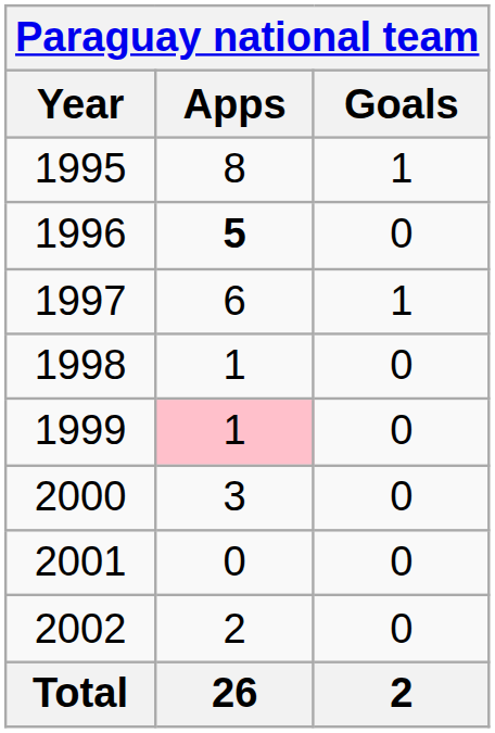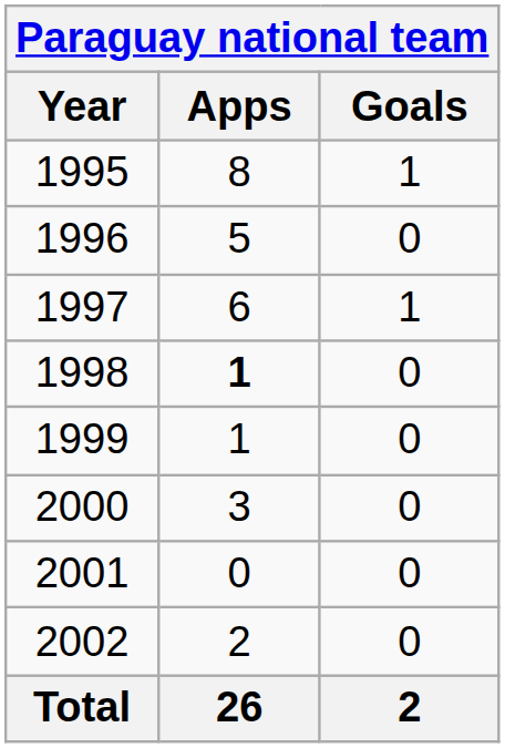 <table class="wikitable" style="text-align:center">
 <tr>
 <th colspan=3><a href='#'>Paraguay national team</a></th>
 </tr>
 <tr>
 <th>Year</th>
 <th>Apps</th>
 <th>Goals</th>
 </tr>
 <tr>
 <td>1995</td>
 <td>8</td>
 <td>1</td>
 </tr>
 <tr>
 <td>1996</td>
-<td><strong>5</strong></td>
+<td>5</td>
 <td>0</td>
 </tr>
 <tr>
 <td>1997</td>
 <td>6</td>
 <td>1</td>
 </tr>
 <tr>
 <td>1998</td>
-<td>1</td>
+<td><strong>1</strong></td>
 <td>0</td>
 </tr>
 <tr>
 <td>1999</td>
-<td style="background: pink;">1</td>
+<td>1</td>
 <td>0</td>
 </tr>
 <tr>
 <td>2000</td>
 <td>3</td>
 <td>0</td>
 </tr>
 <tr>
 <td>2001</td>
 <td>0</td>
 <td>0</td>
 </tr>
 <tr>
 <td>2002</td>
 <td>2</td>
 <td>0</td>
 </tr>
 <tr>
 <th>Total</th>
 <th>26</th>
 <th>2</th>
 </tr>
 </table>
